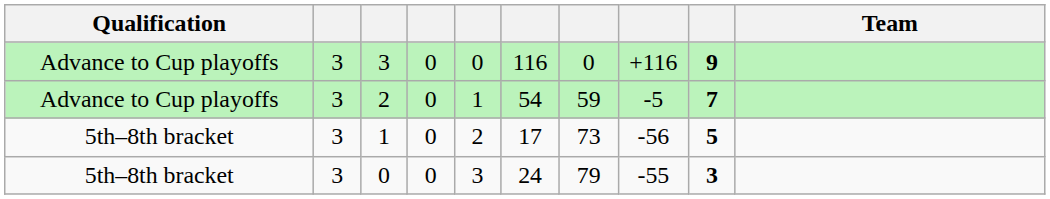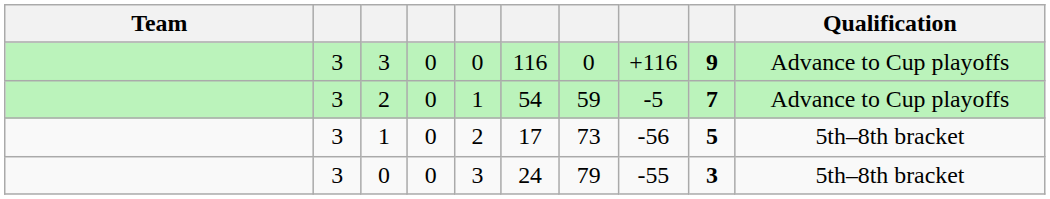 <table class="wikitable" style="text-align:center">
 <tr>
-<th style="width:12.5em">Qualification</th>
+<th style="width:12.5em">Team</th>
 <th style="width:1.5em;"></th>
 <th style="width:1.5em;"></th>
 <th style="width:1.5em;"></th>
 <th style="width:1.5em;"></th>
 <th style="width:2.0em;"></th>
 <th style="width:2.0em;"></th>
 <th style="width:2.5em;"></th>
 <th style="width:1.5em;"></th>
-<th style="width:12.5em">Team</th>
+<th style="width:12.5em">Qualification</th>
 </tr>
 <tr bgcolor=#bbf3bb>
-<td>Advance to Cup playoffs</td>
+<td align=left></td>
 <td>3</td>
 <td>3</td>
 <td>0</td>
 <td>0</td>
 <td>116</td>
 <td>0</td>
 <td>+116</td>
 <td><strong>9</strong></td>
-<td align=left></td>
+<td>Advance to Cup playoffs</td>
 </tr>
 <tr bgcolor=#bbf3bb>
-<td>Advance to Cup playoffs</td>
+<td align=left></td>
 <td>3</td>
 <td>2</td>
 <td>0</td>
 <td>1</td>
 <td>54</td>
 <td>59</td>
 <td>-5</td>
 <td><strong>7</strong></td>
-<td align=left></td>
+<td>Advance to Cup playoffs</td>
 </tr>
 <tr>
-<td>5th–8th bracket</td>
+<td align=left></td>
 <td>3</td>
 <td>1</td>
 <td>0</td>
 <td>2</td>
 <td>17</td>
 <td>73</td>
 <td>-56</td>
 <td><strong>5</strong></td>
-<td align=left></td>
+<td>5th–8th bracket</td>
 </tr>
 <tr>
-<td>5th–8th bracket</td>
+<td align=left></td>
 <td>3</td>
 <td>0</td>
 <td>0</td>
 <td>3</td>
 <td>24</td>
 <td>79</td>
 <td>-55</td>
 <td><strong>3</strong></td>
-<td align=left></td>
+<td>5th–8th bracket</td>
 </tr>
 </table>
